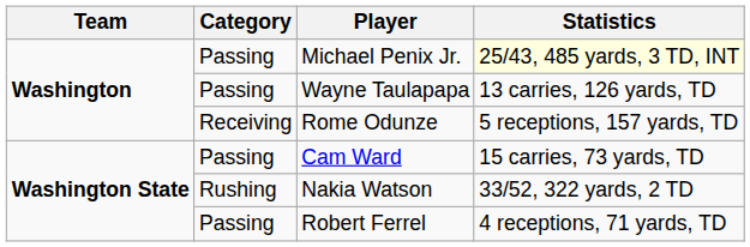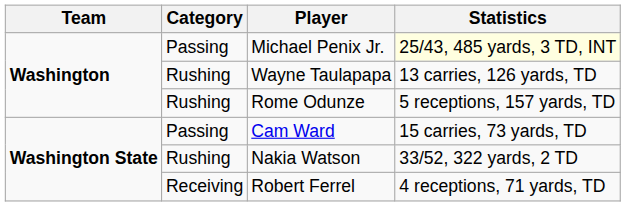 <table class="wikitable" style="float: right;">
 <tr>
 <th>Team</th>
 <th>Category</th>
 <th>Player</th>
 <th>Statistics</th>
 </tr>
 <tr>
 <td rowspan=3><strong>Washington</strong></td>
 <td>Passing</td>
 <td>Michael Penix Jr.</td>
 <td style="background: lightyellow;">25/43, 485 yards, 3 TD, INT</td>
 </tr>
 <tr>
-<td>Passing</td>
+<td>Rushing</td>
 <td>Wayne Taulapapa</td>
 <td>13 carries, 126 yards, TD</td>
 </tr>
 <tr>
-<td>Receiving</td>
+<td>Rushing</td>
 <td>Rome Odunze</td>
 <td>5 receptions, 157 yards, TD</td>
 </tr>
 <tr>
 <td rowspan=3><strong>Washington State</strong></td>
 <td>Passing</td>
 <td><a href='#'>Cam Ward</a></td>
 <td>15 carries, 73 yards, TD</td>
 </tr>
 <tr>
 <td>Rushing</td>
 <td>Nakia Watson</td>
 <td>33/52, 322 yards, 2 TD</td>
 </tr>
 <tr>
-<td>Passing</td>
+<td>Receiving</td>
 <td>Robert Ferrel</td>
 <td>4 receptions, 71 yards, TD</td>
 </tr>
 </table>
